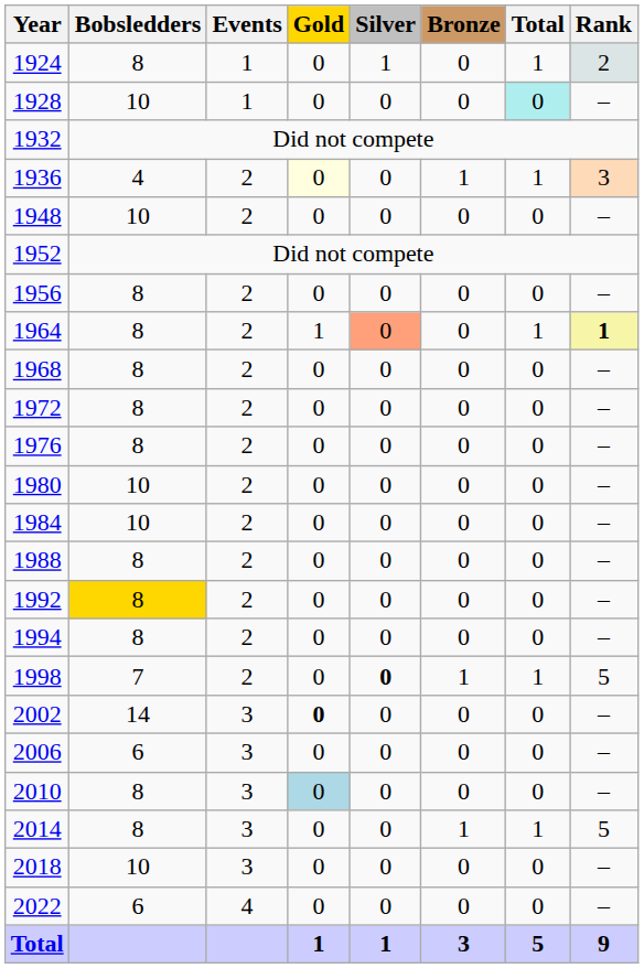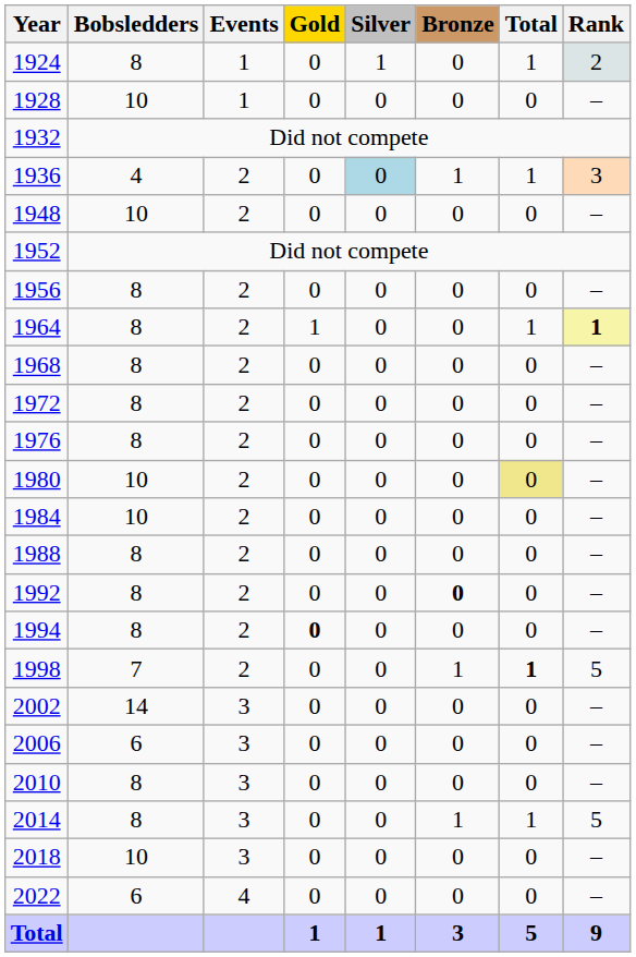 <table class="wikitable sortable collapsible collapsed">
 <tr>
 <th>Year</th>
 <th>Bobsledders</th>
 <th>Events</th>
 <th style="text-align:center; background-color:gold;"><strong>Gold</strong></th>
 <th style="text-align:center; background-color:silver;"><strong>Silver</strong></th>
 <th style="text-align:center; background-color:#c96;"><strong>Bronze</strong></th>
 <th>Total</th>
 <th>Rank</th>
 </tr>
 <tr style="text-align:center">
 <td><a href='#'>1924</a></td>
 <td>8</td>
 <td>1</td>
 <td>0</td>
 <td>1</td>
 <td>0</td>
 <td>1</td>
 <td style="background-color:#dce5e5">2</td>
 </tr>
 <tr style="text-align:center">
 <td><a href='#'>1928</a></td>
 <td>10</td>
 <td>1</td>
 <td>0</td>
 <td>0</td>
 <td>0</td>
-<td style="background: paleturquoise;">0</td>
+<td>0</td>
 <td>–</td>
 </tr>
 <tr style="text-align:center">
 <td><a href='#'>1932</a></td>
 <td colspan="7">Did not compete</td>
 </tr>
 <tr style="text-align:center">
 <td><a href='#'>1936</a></td>
 <td>4</td>
 <td>2</td>
-<td style="background: lightyellow;">0</td>
 <td>0</td>
+<td style="background: lightblue;">0</td>
 <td>1</td>
 <td>1</td>
 <td style="background-color:#ffdab9">3</td>
 </tr>
 <tr style="text-align:center">
 <td><a href='#'>1948</a></td>
 <td>10</td>
 <td>2</td>
 <td>0</td>
 <td>0</td>
 <td>0</td>
 <td>0</td>
 <td>–</td>
 </tr>
 <tr style="text-align:center">
 <td><a href='#'>1952</a></td>
 <td colspan="7">Did not compete</td>
 </tr>
 <tr style="text-align:center">
 <td><a href='#'>1956</a></td>
 <td>8</td>
 <td>2</td>
 <td>0</td>
 <td>0</td>
 <td>0</td>
 <td>0</td>
 <td>–</td>
 </tr>
 <tr style="text-align:center">
 <td><a href='#'>1964</a></td>
 <td>8</td>
 <td>2</td>
 <td>1</td>
-<td style="background: lightsalmon;">0</td>
+<td>0</td>
 <td>0</td>
 <td>1</td>
 <td style="background-color:#F7F6A8"><strong>1</strong></td>
 </tr>
 <tr style="text-align:center">
 <td><a href='#'>1968</a></td>
 <td>8</td>
 <td>2</td>
 <td>0</td>
 <td>0</td>
 <td>0</td>
 <td>0</td>
 <td>–</td>
 </tr>
 <tr style="text-align:center">
 <td><a href='#'>1972</a></td>
 <td>8</td>
 <td>2</td>
 <td>0</td>
 <td>0</td>
 <td>0</td>
 <td>0</td>
 <td>–</td>
 </tr>
 <tr style="text-align:center">
 <td><a href='#'>1976</a></td>
 <td>8</td>
 <td>2</td>
 <td>0</td>
 <td>0</td>
 <td>0</td>
 <td>0</td>
 <td>–</td>
 </tr>
 <tr style="text-align:center">
 <td><a href='#'>1980</a></td>
 <td>10</td>
 <td>2</td>
 <td>0</td>
 <td>0</td>
 <td>0</td>
-<td>0</td>
+<td style="background: khaki;">0</td>
 <td>–</td>
 </tr>
 <tr style="text-align:center">
 <td><a href='#'>1984</a></td>
 <td>10</td>
 <td>2</td>
 <td>0</td>
 <td>0</td>
 <td>0</td>
 <td>0</td>
 <td>–</td>
 </tr>
 <tr style="text-align:center">
 <td><a href='#'>1988</a></td>
 <td>8</td>
 <td>2</td>
 <td>0</td>
 <td>0</td>
 <td>0</td>
 <td>0</td>
 <td>–</td>
 </tr>
 <tr style="text-align:center">
 <td><a href='#'>1992</a></td>
-<td style="background: gold;">8</td>
+<td>8</td>
 <td>2</td>
 <td>0</td>
 <td>0</td>
-<td>0</td>
+<td><strong>0</strong></td>
 <td>0</td>
 <td>–</td>
 </tr>
 <tr style="text-align:center">
 <td><a href='#'>1994</a></td>
 <td>8</td>
 <td>2</td>
-<td>0</td>
+<td><strong>0</strong></td>
 <td>0</td>
 <td>0</td>
 <td>0</td>
 <td>–</td>
 </tr>
 <tr style="text-align:center">
 <td><a href='#'>1998</a></td>
 <td>7</td>
 <td>2</td>
 <td>0</td>
-<td><strong>0</strong></td>
+<td>0</td>
 <td>1</td>
-<td>1</td>
+<td><strong>1</strong></td>
 <td>5</td>
 </tr>
 <tr style="text-align:center">
 <td><a href='#'>2002</a></td>
 <td>14</td>
 <td>3</td>
-<td><strong>0</strong></td>
+<td>0</td>
 <td>0</td>
 <td>0</td>
 <td>0</td>
 <td>–</td>
 </tr>
 <tr style="text-align:center">
 <td><a href='#'>2006</a></td>
 <td>6</td>
 <td>3</td>
 <td>0</td>
 <td>0</td>
 <td>0</td>
 <td>0</td>
 <td>–</td>
 </tr>
 <tr style="text-align:center">
 <td><a href='#'>2010</a></td>
 <td>8</td>
 <td>3</td>
-<td style="background: lightblue;">0</td>
+<td>0</td>
 <td>0</td>
 <td>0</td>
 <td>0</td>
 <td>–</td>
 </tr>
 <tr style="text-align:center">
 <td><a href='#'>2014</a></td>
 <td>8</td>
 <td>3</td>
 <td>0</td>
 <td>0</td>
 <td>1</td>
 <td>1</td>
 <td>5</td>
 </tr>
 <tr style="text-align:center">
 <td><a href='#'>2018</a></td>
 <td>10</td>
 <td>3</td>
 <td>0</td>
 <td>0</td>
 <td>0</td>
 <td>0</td>
 <td>–</td>
 </tr>
 <tr style="text-align:center">
 <td><a href='#'>2022</a></td>
 <td>6</td>
 <td>4</td>
 <td>0</td>
 <td>0</td>
 <td>0</td>
 <td>0</td>
 <td>–</td>
 </tr>
 <tr style="text-align:center; background-color:#ccf;">
 <td><strong><a href='#'>Total</a></strong></td>
 <td></td>
 <td></td>
 <td><strong>1</strong></td>
 <td><strong>1</strong></td>
 <td><strong>3</strong></td>
 <td><strong>5</strong></td>
 <td><strong>9</strong></td>
 </tr>
 </table>
